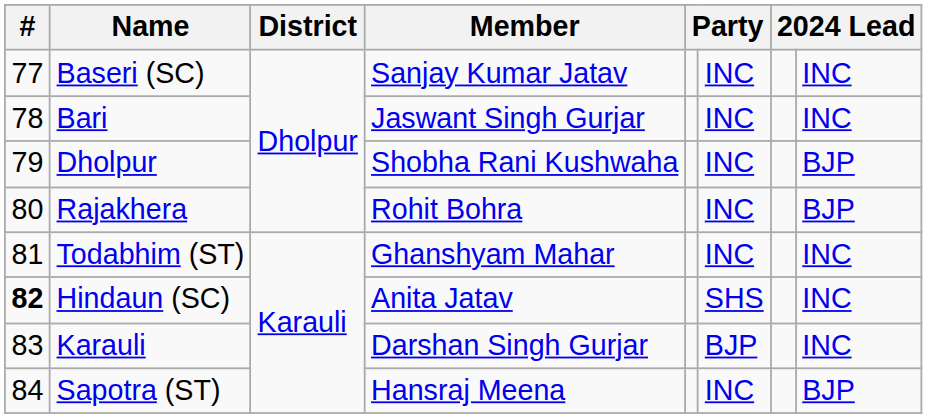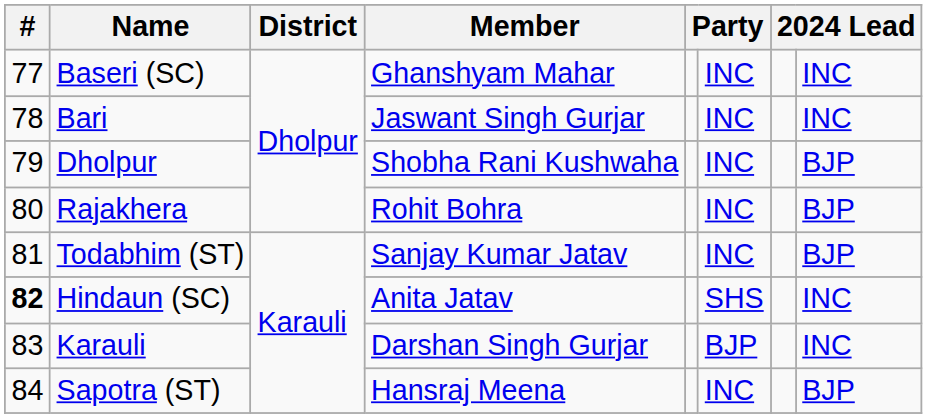 <table class="wikitable">
 <tr>
 <th>#</th>
 <th>Name</th>
 <th>District</th>
 <th>Member</th>
 <th colspan="2">Party</th>
 <th colspan="2">2024 Lead</th>
 </tr>
 <tr>
 <td>77</td>
 <td><a href='#'>Baseri</a> (SC)</td>
 <td rowspan="4"><a href='#'>Dholpur</a></td>
-<td><a href='#'>Sanjay Kumar Jatav</a></td>
+<td><a href='#'>Ghanshyam Mahar</a></td>
 <td style="background-color: "></td>
 <td><a href='#'>INC</a></td>
 <td style="background-color: "></td>
 <td><a href='#'>INC</a></td>
 </tr>
 <tr>
 <td>78</td>
 <td><a href='#'>Bari</a></td>
 <td><a href='#'>Jaswant Singh Gurjar</a></td>
 <td style="background-color: "></td>
 <td><a href='#'>INC</a></td>
 <td style="background-color: "></td>
 <td><a href='#'>INC</a></td>
 </tr>
 <tr>
 <td>79</td>
 <td><a href='#'>Dholpur</a></td>
 <td><a href='#'>Shobha Rani Kushwaha</a></td>
 <td style="background-color: "></td>
 <td><a href='#'>INC</a></td>
 <td style="background-color: "></td>
 <td><a href='#'>BJP</a></td>
 </tr>
 <tr>
 <td>80</td>
 <td><a href='#'>Rajakhera</a></td>
 <td><a href='#'>Rohit Bohra</a></td>
 <td style="background-color: "></td>
 <td><a href='#'>INC</a></td>
 <td style="background-color: "></td>
 <td><a href='#'>BJP</a></td>
 </tr>
 <tr>
 <td>81</td>
 <td><a href='#'>Todabhim</a> (ST)</td>
 <td rowspan="4"><a href='#'>Karauli</a></td>
-<td><a href='#'>Ghanshyam Mahar</a></td>
+<td><a href='#'>Sanjay Kumar Jatav</a></td>
 <td style="background-color: "></td>
 <td><a href='#'>INC</a></td>
 <td style="background-color: "></td>
-<td><a href='#'>INC</a></td>
+<td><a href='#'>BJP</a></td>
 </tr>
 <tr>
 <td><strong>82</strong></td>
 <td><a href='#'>Hindaun</a> (SC)</td>
 <td><a href='#'>Anita Jatav</a></td>
 <td style="background-color: "></td>
 <td><a href='#'>SHS</a></td>
 <td style="background-color: "></td>
 <td><a href='#'>INC</a></td>
 </tr>
 <tr>
 <td>83</td>
 <td><a href='#'>Karauli</a></td>
 <td><a href='#'>Darshan Singh Gurjar</a></td>
 <td style="background-color: "></td>
 <td><a href='#'>BJP</a></td>
 <td style="background-color: "></td>
 <td><a href='#'>INC</a></td>
 </tr>
 <tr>
 <td>84</td>
 <td><a href='#'>Sapotra</a> (ST)</td>
 <td><a href='#'>Hansraj Meena</a></td>
 <td style="background-color: "></td>
 <td><a href='#'>INC</a></td>
 <td style="background-color: "></td>
 <td><a href='#'>BJP</a></td>
 </tr>
 </table>
